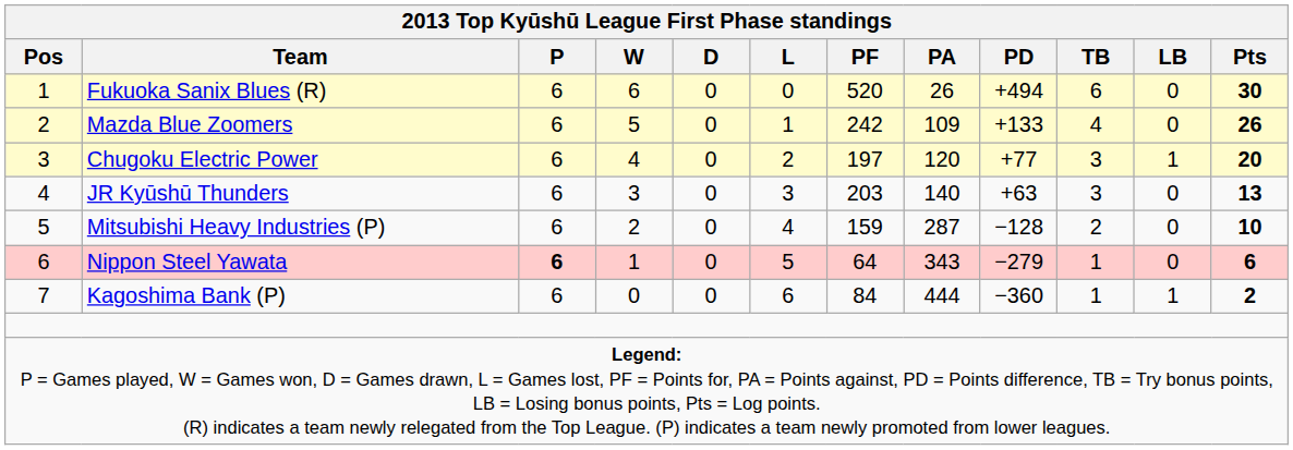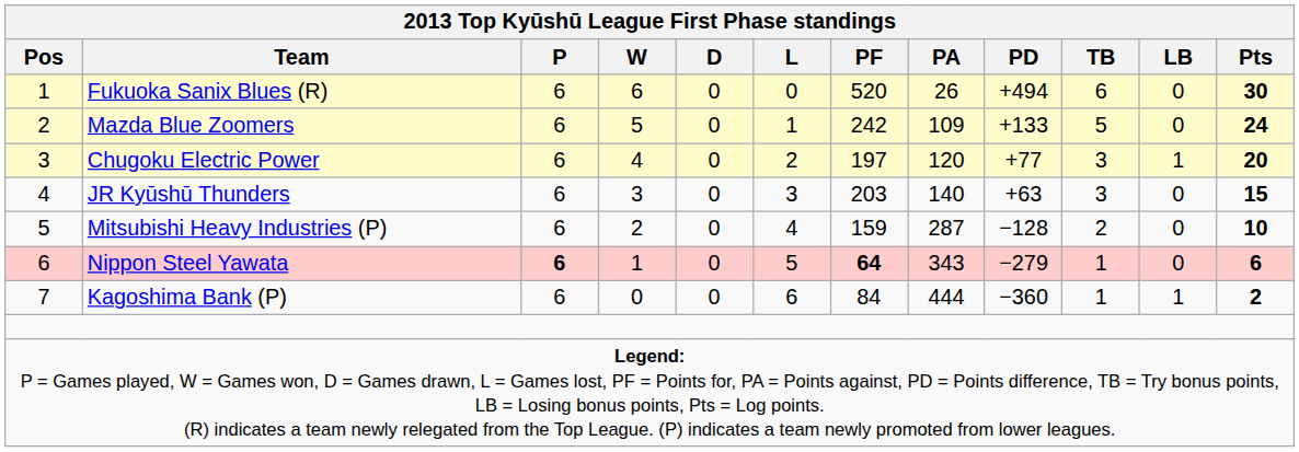 <table class="wikitable" style="text-align:center; font-size:100%; width:60%;">
 <tr>
 <th colspan="100%" cellpadding="0" cellspacing="0"><strong>2013 Top Kyūshū League First Phase standings</strong></th>
 </tr>
 <tr>
 <th style="width:6%;">Pos</th>
 <th style="width:34%;">Team</th>
 <th style="width:6%;">P</th>
 <th style="width:6%;">W</th>
 <th style="width:6%;">D</th>
 <th style="width:6%;">L</th>
 <th style="width:6%;">PF</th>
 <th style="width:6%;">PA</th>
 <th style="width:6%;">PD</th>
 <th style="width:6%;">TB</th>
 <th style="width:6%;">LB</th>
 <th style="width:6%;">Pts<br></th>
 </tr>
 <tr style="background:#FFFCCC;">
 <td>1</td>
 <td style="text-align:left;"><a href='#'>Fukuoka Sanix Blues</a> (R)</td>
 <td>6</td>
 <td>6</td>
 <td>0</td>
 <td>0</td>
 <td>520</td>
 <td>26</td>
 <td>+494</td>
 <td>6</td>
 <td>0</td>
 <td><strong>30</strong></td>
 </tr>
 <tr style="background:#FFFCCC;">
 <td>2</td>
 <td style="text-align:left;"><a href='#'>Mazda Blue Zoomers</a></td>
 <td>6</td>
 <td>5</td>
 <td>0</td>
 <td>1</td>
 <td>242</td>
 <td>109</td>
 <td>+133</td>
-<td>4</td>
+<td>5</td>
 <td>0</td>
-<td><strong>26</strong></td>
+<td><strong>24</strong></td>
 </tr>
 <tr style="background:#FFFCCC;">
 <td>3</td>
 <td style="text-align:left;"><a href='#'>Chugoku Electric Power</a></td>
 <td>6</td>
 <td>4</td>
 <td>0</td>
 <td>2</td>
 <td>197</td>
 <td>120</td>
 <td>+77</td>
 <td>3</td>
 <td>1</td>
 <td><strong>20</strong></td>
 </tr>
 <tr>
 <td>4</td>
 <td style="text-align:left;"><a href='#'>JR Kyūshū Thunders</a></td>
 <td>6</td>
 <td>3</td>
 <td>0</td>
 <td>3</td>
 <td>203</td>
 <td>140</td>
 <td>+63</td>
 <td>3</td>
 <td>0</td>
-<td><strong>13</strong></td>
+<td><strong>15</strong></td>
 </tr>
 <tr>
 <td>5</td>
 <td style="text-align:left;"><a href='#'>Mitsubishi Heavy Industries</a> (P)</td>
 <td>6</td>
 <td>2</td>
 <td>0</td>
 <td>4</td>
 <td>159</td>
 <td>287</td>
 <td>−128</td>
 <td>2</td>
 <td>0</td>
 <td><strong>10</strong></td>
 </tr>
 <tr style="background:#FFCCCC;">
 <td>6</td>
 <td style="text-align:left;"><a href='#'>Nippon Steel Yawata</a></td>
 <td><strong>6</strong></td>
 <td>1</td>
 <td>0</td>
 <td>5</td>
-<td>64</td>
+<td><strong>64</strong></td>
 <td>343</td>
 <td>−279</td>
 <td>1</td>
 <td>0</td>
 <td><strong>6</strong></td>
 </tr>
 <tr>
 <td>7</td>
 <td style="text-align:left;"><a href='#'>Kagoshima Bank</a> (P)</td>
 <td>6</td>
 <td>0</td>
 <td>0</td>
 <td>6</td>
 <td>84</td>
 <td>444</td>
 <td>−360</td>
 <td>1</td>
 <td>1</td>
 <td><strong>2</strong></td>
 </tr>
 <tr>
 <td colspan="100%" style="height:10px;"></td>
 </tr>
 <tr>
 <td colspan="100%"><small><strong>Legend:</strong> <br> P = Games played, W = Games won, D = Games drawn, L = Games lost, PF = Points for, PA = Points against, PD = Points difference, TB = Try bonus points, LB = Losing bonus points, Pts = Log points. <br> (R) indicates a team newly relegated from the Top League. (P) indicates a team newly promoted from lower leagues.</small></td>
 </tr>
 </table>
